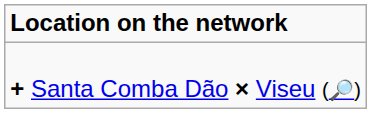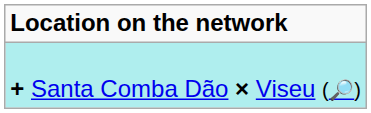 <table role="presentation" class="wikitable mw-collapsible mw-collapsed floatright">
 <tr>
 <td><strong>Location on the network</strong></td>
 </tr>
 <tr>
-<td><br><span><strong>+</strong> <a href='#'>Santa Comba Dão</a></span> <span><strong>×</strong> <a href='#'>Viseu</a></span> <small>(<a href='#'>🔎</a>)</small></td>
+<td style="background: paleturquoise;"><br><span><strong>+</strong> <a href='#'>Santa Comba Dão</a></span> <span><strong>×</strong> <a href='#'>Viseu</a></span> <small>(<a href='#'>🔎</a>)</small></td>
 </tr>
 </table>
